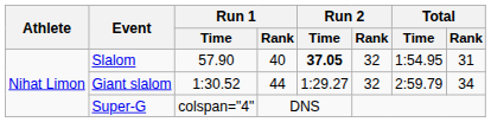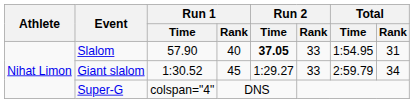 <table class="wikitable" style="font-size:90%">
 <tr>
 <th rowspan=2>Athlete</th>
 <th rowspan=2>Event</th>
 <th colspan=2>Run 1</th>
 <th colspan=2>Run 2</th>
 <th colspan=2>Total</th>
 </tr>
 <tr style="font-size:95%">
 <th>Time</th>
 <th>Rank</th>
 <th>Time</th>
 <th>Rank</th>
 <th>Time</th>
 <th>Rank</th>
 </tr>
 <tr align=center>
 <td align="left" rowspan="3"><a href='#'>Nihat Limon</a></td>
 <td align="left"><a href='#'>Slalom</a></td>
 <td>57.90</td>
 <td>40</td>
 <td><strong>37.05</strong></td>
-<td>32</td>
+<td>33</td>
 <td>1:54.95</td>
 <td>31</td>
 </tr>
 <tr align=center>
 <td align="left"><a href='#'>Giant slalom</a></td>
 <td>1:30.52</td>
-<td>44</td>
+<td>45</td>
 <td>1:29.27</td>
-<td>32</td>
+<td>33</td>
 <td>2:59.79</td>
 <td>34</td>
 </tr>
 <tr align=center>
 <td align="left"><a href='#'>Super-G</a></td>
 <td>colspan="4" </td>
 <td colspan=2>DNS</td>
 </tr>
 </table>
